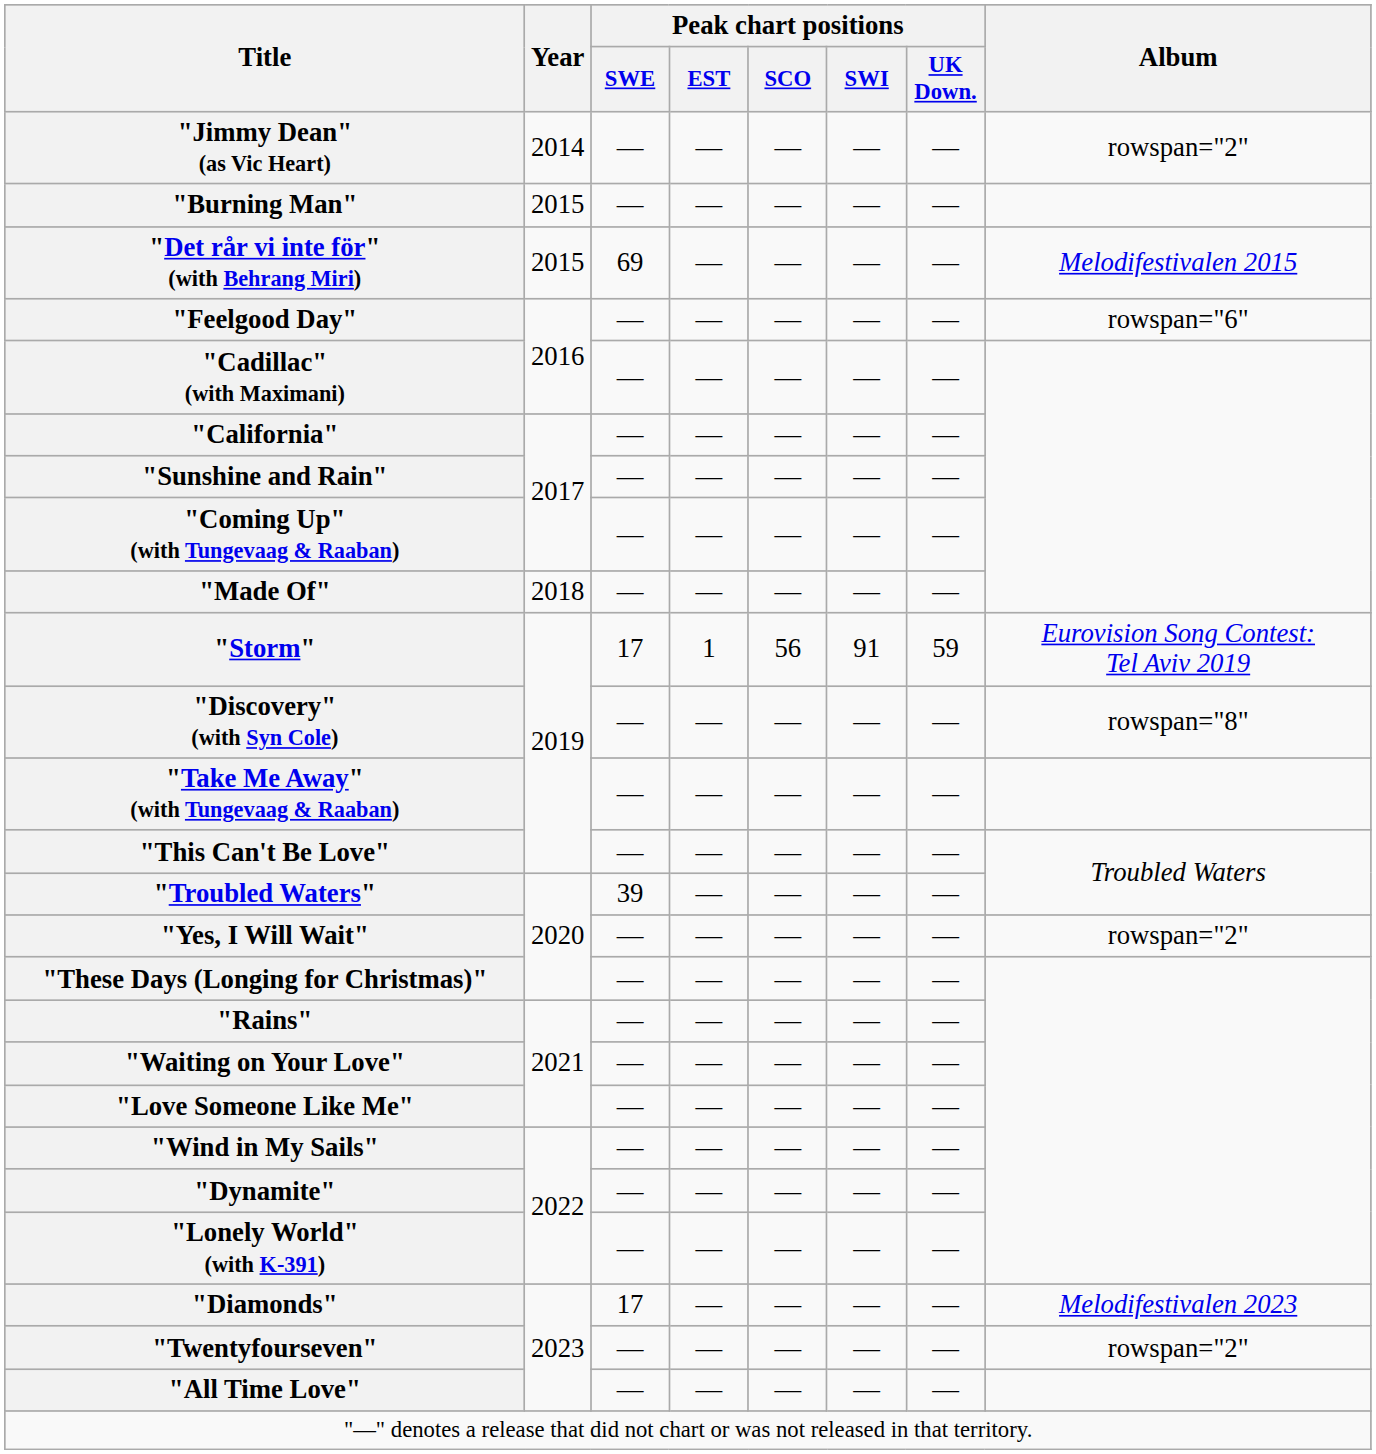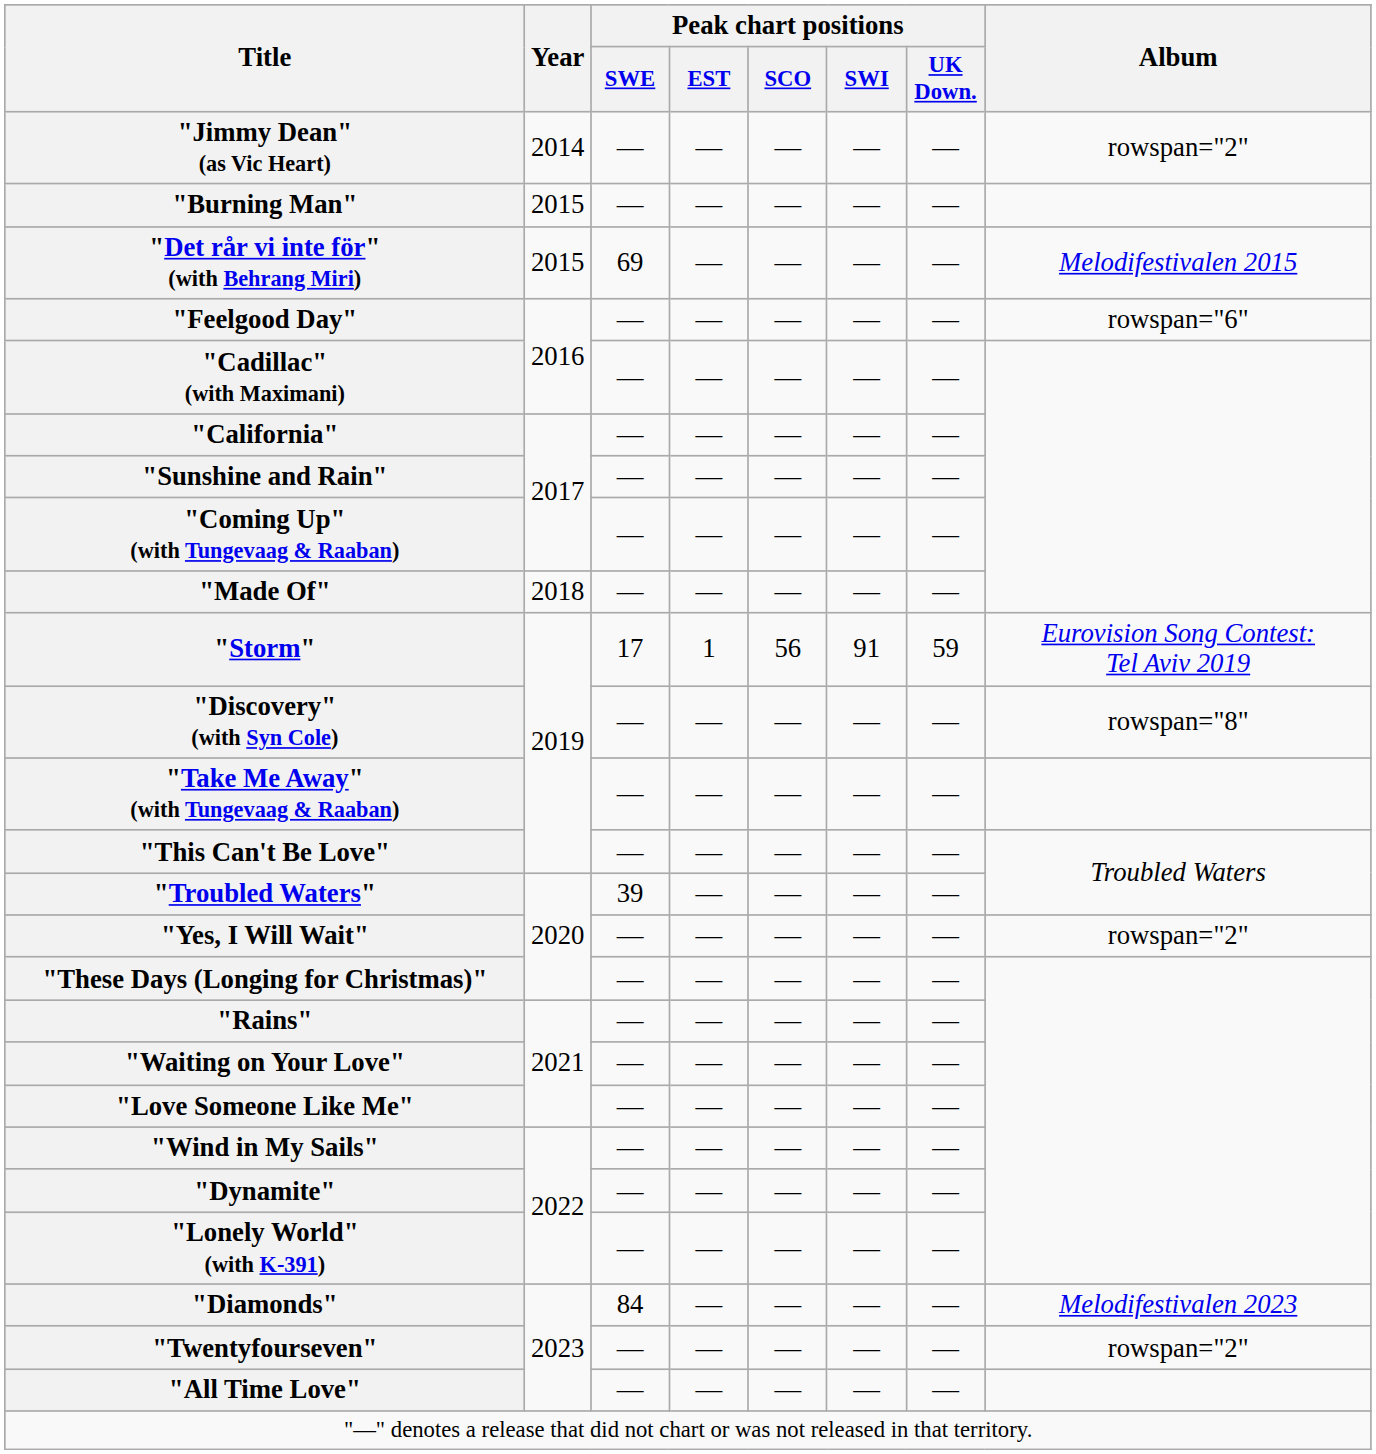 <table class="wikitable plainrowheaders" style="text-align:center;">
 <tr>
 <th scope="col" rowspan="2" style="width:19em;">Title</th>
 <th scope="col" rowspan="2" style="width:1em;">Year</th>
 <th scope="col" colspan="5">Peak chart positions</th>
 <th scope="col" rowspan="2" style="width:14em;">Album</th>
 </tr>
 <tr>
 <th scope="col" style="width:3em;font-size:85%;"><a href='#'>SWE</a><br></th>
 <th scope="col" style="width:3em;font-size:85%;"><a href='#'>EST</a><br></th>
 <th scope="col" style="width:3em;font-size:85%;"><a href='#'>SCO</a><br></th>
 <th scope="col" style="width:3em;font-size:85%;"><a href='#'>SWI</a><br></th>
 <th scope="col" style="width:3em;font-size:85%;"><a href='#'>UK<br>Down.</a><br></th>
 </tr>
 <tr>
 <th scope="row">"Jimmy Dean"<br><small>(as Vic Heart)</small></th>
 <td>2014</td>
 <td>—</td>
 <td>—</td>
 <td>—</td>
 <td>—</td>
 <td>—</td>
 <td>rowspan="2" </td>
 </tr>
 <tr>
 <th scope="row">"Burning Man"</th>
 <td>2015</td>
 <td>—</td>
 <td>—</td>
 <td>—</td>
 <td>—</td>
 <td>—</td>
 </tr>
 <tr>
 <th scope="row">"<a href='#'>Det rår vi inte för</a>"<br><small>(with <a href='#'>Behrang Miri</a>)</small></th>
 <td>2015</td>
 <td>69</td>
 <td>—</td>
 <td>—</td>
 <td>—</td>
 <td>—</td>
 <td><em><a href='#'>Melodifestivalen 2015</a></em></td>
 </tr>
 <tr>
 <th scope="row">"Feelgood Day"</th>
 <td rowspan="2">2016</td>
 <td>—</td>
 <td>—</td>
 <td>—</td>
 <td>—</td>
 <td>—</td>
 <td>rowspan="6" </td>
 </tr>
 <tr>
 <th scope="row">"Cadillac"<br><small>(with Maximani)</small></th>
 <td>—</td>
 <td>—</td>
 <td>—</td>
 <td>—</td>
 <td>—</td>
 </tr>
 <tr>
 <th scope="row">"California"</th>
 <td rowspan="3">2017</td>
 <td>—</td>
 <td>—</td>
 <td>—</td>
 <td>—</td>
 <td>—</td>
 </tr>
 <tr>
 <th scope="row">"Sunshine and Rain"</th>
 <td>—</td>
 <td>—</td>
 <td>—</td>
 <td>—</td>
 <td>—</td>
 </tr>
 <tr>
 <th scope="row">"Coming Up"<br><small>(with <a href='#'>Tungevaag & Raaban</a>)</small></th>
 <td>—</td>
 <td>—</td>
 <td>—</td>
 <td>—</td>
 <td>—</td>
 </tr>
 <tr>
 <th scope="row">"Made Of"</th>
 <td>2018</td>
 <td>—</td>
 <td>—</td>
 <td>—</td>
 <td>—</td>
 <td>—</td>
 </tr>
 <tr>
 <th scope="row">"<a href='#'>Storm</a>"</th>
 <td rowspan="4">2019</td>
 <td>17<br></td>
 <td>1</td>
 <td>56</td>
 <td>91</td>
 <td>59</td>
 <td><em><a href='#'>Eurovision Song Contest:<br>Tel Aviv 2019</a></em></td>
 </tr>
 <tr>
 <th scope="row">"Discovery" <br><small>(with <a href='#'>Syn Cole</a>)</small></th>
 <td>—</td>
 <td>—</td>
 <td>—</td>
 <td>—</td>
 <td>—</td>
 <td>rowspan="8" </td>
 </tr>
 <tr>
 <th scope="row">"<a href='#'>Take Me Away</a>" <br><small>(with <a href='#'>Tungevaag & Raaban</a>)</small></th>
 <td>—</td>
 <td>—</td>
 <td>—</td>
 <td>—</td>
 <td>—</td>
 </tr>
 <tr>
 <th scope="row">"This Can't Be Love"</th>
 <td>—</td>
 <td>—</td>
 <td>—</td>
 <td>—</td>
 <td>—</td>
 <td rowspan="2"><em>Troubled Waters</em></td>
 </tr>
 <tr>
 <th scope="row">"<a href='#'>Troubled Waters</a>"</th>
 <td rowspan="3">2020</td>
 <td>39</td>
 <td>—</td>
 <td>—</td>
 <td>—</td>
 <td>—</td>
 </tr>
 <tr>
 <th scope="row">"Yes, I Will Wait"</th>
 <td>—</td>
 <td>—</td>
 <td>—</td>
 <td>—</td>
 <td>—</td>
 <td>rowspan="2" </td>
 </tr>
 <tr>
 <th scope="row">"These Days (Longing for Christmas)"</th>
 <td>—</td>
 <td>—</td>
 <td>—</td>
 <td>—</td>
 <td>—</td>
 </tr>
 <tr>
 <th scope="row">"Rains"</th>
 <td rowspan="3">2021</td>
 <td>—</td>
 <td>—</td>
 <td>—</td>
 <td>—</td>
 <td>—</td>
 </tr>
 <tr>
 <th scope="row">"Waiting on Your Love"</th>
 <td>—</td>
 <td>—</td>
 <td>—</td>
 <td>—</td>
 <td>—</td>
 </tr>
 <tr>
 <th scope="row">"Love Someone Like Me"</th>
 <td>—</td>
 <td>—</td>
 <td>—</td>
 <td>—</td>
 <td>—</td>
 </tr>
 <tr>
 <th scope="row">"Wind in My Sails"</th>
 <td rowspan="3">2022</td>
 <td>—</td>
 <td>—</td>
 <td>—</td>
 <td>—</td>
 <td>—</td>
 </tr>
 <tr>
 <th scope="row">"Dynamite"</th>
 <td>—</td>
 <td>—</td>
 <td>—</td>
 <td>—</td>
 <td>—</td>
 </tr>
 <tr>
 <th scope="row">"Lonely World"<br><small>(with <a href='#'>K-391</a>)</small></th>
 <td>—</td>
 <td>—</td>
 <td>—</td>
 <td>—</td>
 <td>—</td>
 </tr>
 <tr>
 <th scope="row">"Diamonds"</th>
 <td rowspan="3">2023</td>
-<td>17<br></td>
+<td>84<br></td>
 <td>—</td>
 <td>—</td>
 <td>—</td>
 <td>—</td>
 <td><em><a href='#'>Melodifestivalen 2023</a></em></td>
 </tr>
 <tr>
 <th scope="row">"Twentyfourseven"</th>
 <td>—</td>
 <td>—</td>
 <td>—</td>
 <td>—</td>
 <td>—</td>
 <td>rowspan="2" </td>
 </tr>
 <tr>
 <th scope="row">"All Time Love"</th>
 <td>—</td>
 <td>—</td>
 <td>—</td>
 <td>—</td>
 <td>—</td>
 </tr>
 <tr>
 <td colspan="8" style="font-size:85%">"—" denotes a release that did not chart or was not released in that territory.</td>
 </tr>
 </table>
